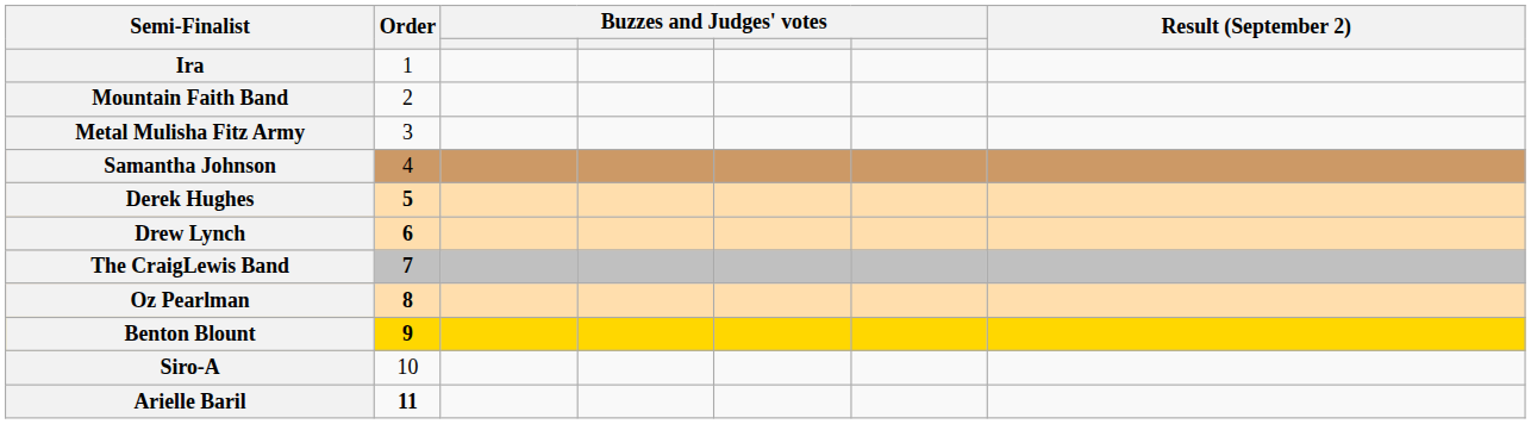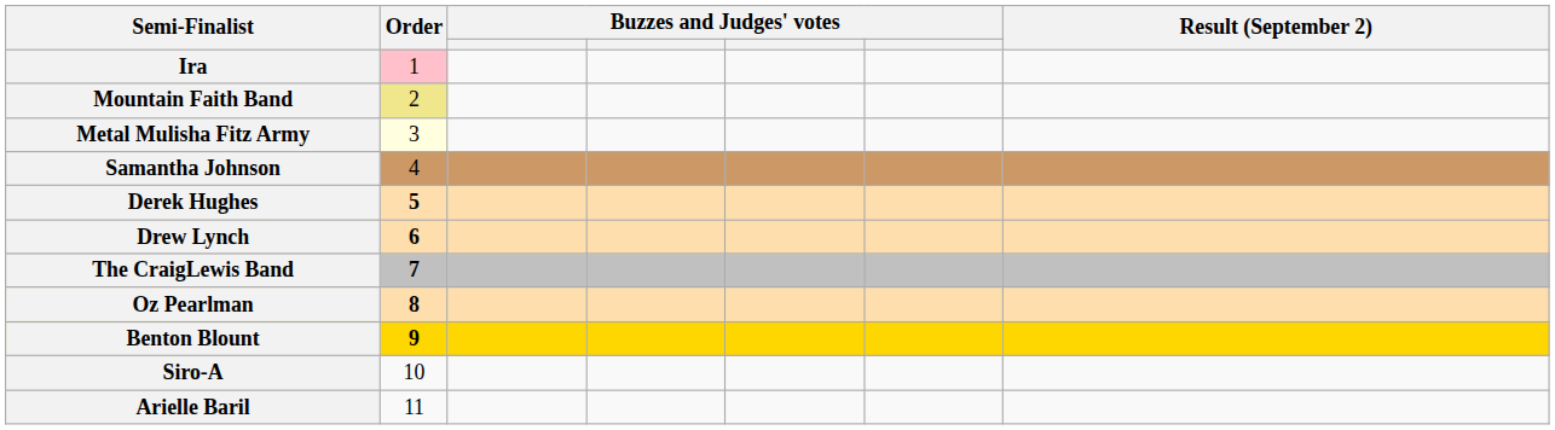 <table class="wikitable plainrowheaders sortable" style="text-align:center;">
 <tr>
 <th scope="col" rowspan="2" class="unsortable" style="width:17em;">Semi-Finalist</th>
 <th scope="col" rowspan="2" style="width:1em;">Order</th>
 <th scope="col" colspan="4" class="unsortable" style="width:24em;">Buzzes and Judges' votes</th>
 <th scope="col" rowspan="2" style="width:25em;">Result (September 2)</th>
 </tr>
 <tr>
 <th scope="col" class="unsortable" style="width:6em;"></th>
 <th scope="col" class="unsortable" style="width:6em;"></th>
 <th scope="col" class="unsortable" style="width:6em;"></th>
 <th scope="col" class="unsortable" style="width:6em;"></th>
 </tr>
 <tr>
 <th scope="row">Ira</th>
-<td>1</td>
+<td style="background: pink;">1</td>
 <td style="text-align:center;"></td>
 <td style="text-align:center;"></td>
 <td style="text-align:center;"></td>
 <td style="text-align:center;"></td>
 <td></td>
 </tr>
 <tr>
 <th scope="row">Mountain Faith Band</th>
-<td>2</td>
+<td style="background: khaki;">2</td>
 <td style="text-align:center;"></td>
 <td style="text-align:center;"></td>
 <td style="text-align:center;"></td>
 <td style="text-align:center;"></td>
 <td></td>
 </tr>
 <tr>
 <th scope="row">Metal Mulisha Fitz Army</th>
-<td>3</td>
+<td style="background: lightyellow;">3</td>
 <td style="text-align:center;"></td>
 <td style="text-align:center;"></td>
 <td style="text-align:center;"></td>
 <td style="text-align:center;"></td>
 <td></td>
 </tr>
 <tr style="background:#c96">
 <th scope="row">Samantha Johnson</th>
 <td>4</td>
 <td style="text-align:center;"></td>
 <td style="text-align:center;"></td>
 <td style="text-align:center;"></td>
 <td style="text-align:center;"></td>
 <td></td>
 </tr>
 <tr style="background:NavajoWhite">
 <th scope="row"><strong>Derek Hughes</strong></th>
 <td><strong>5</strong></td>
 <td style="text-align:center;"></td>
 <td style="text-align:center;"></td>
 <td style="text-align:center;"></td>
 <td style="text-align:center;"></td>
 <td><strong></strong></td>
 </tr>
 <tr style="background:NavajoWhite">
 <th scope="row"><strong>Drew Lynch</strong></th>
 <td><strong>6</strong></td>
 <td style="text-align:center;"></td>
 <td style="text-align:center;"></td>
 <td style="text-align:center;"></td>
 <td style="text-align:center;"></td>
 <td><strong></strong></td>
 </tr>
 <tr style="background:silver">
 <th scope="row"><strong>The CraigLewis Band</strong></th>
 <td><strong>7</strong></td>
 <td style="text-align:center;"></td>
 <td style="text-align:center;"></td>
 <td style="text-align:center;"></td>
 <td style="text-align:center;"></td>
 <td><strong></strong></td>
 </tr>
 <tr style="background:NavajoWhite">
 <th scope="row"><strong>Oz Pearlman</strong></th>
 <td><strong>8</strong></td>
 <td style="text-align:center;"></td>
 <td style="text-align:center;"></td>
 <td style="text-align:center;"></td>
 <td style="text-align:center;"></td>
 <td><strong></strong></td>
 </tr>
 <tr style="background:gold">
 <th scope="row"><strong>Benton Blount</strong></th>
 <td><strong>9</strong></td>
 <td style="text-align:center;"></td>
 <td style="text-align:center;"></td>
 <td style="text-align:center;"></td>
 <td style="text-align:center;"></td>
 <td><strong></strong></td>
 </tr>
 <tr>
 <th scope="row">Siro-A</th>
 <td>10</td>
 <td style="text-align:center;"></td>
 <td style="text-align:center;"></td>
 <td style="text-align:center;"></td>
 <td style="text-align:center;"></td>
 <td></td>
 </tr>
 <tr>
 <th scope="row">Arielle Baril</th>
-<td><strong>11</strong></td>
+<td>11</td>
 <td style="text-align:center;"></td>
 <td style="text-align:center;"></td>
 <td style="text-align:center;"></td>
 <td style="text-align:center;"></td>
 <td></td>
 </tr>
 </table>
